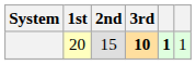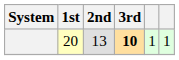 <table class="wikitable" style="font-size:85%; text-align:center;">
 <tr>
 <th>System</th>
 <th>1st</th>
 <th>2nd</th>
 <th>3rd</th>
 <th></th>
 <th></th>
 </tr>
 <tr>
 <th></th>
 <td style="background:#ffffbf;">20</td>
-<td style="background:#dfdfdf;">15</td>
+<td style="background:#dfdfdf;">13</td>
 <td style="background:#ffdf9f;"><strong>10</strong></td>
-<td style="background:#dfffdf;"><strong>1</strong></td>
+<td style="background:#dfffdf;">1</td>
 <td style="background:#dfffdf;">1</td>
 </tr>
 <tr>
 </tr>
 </table>
